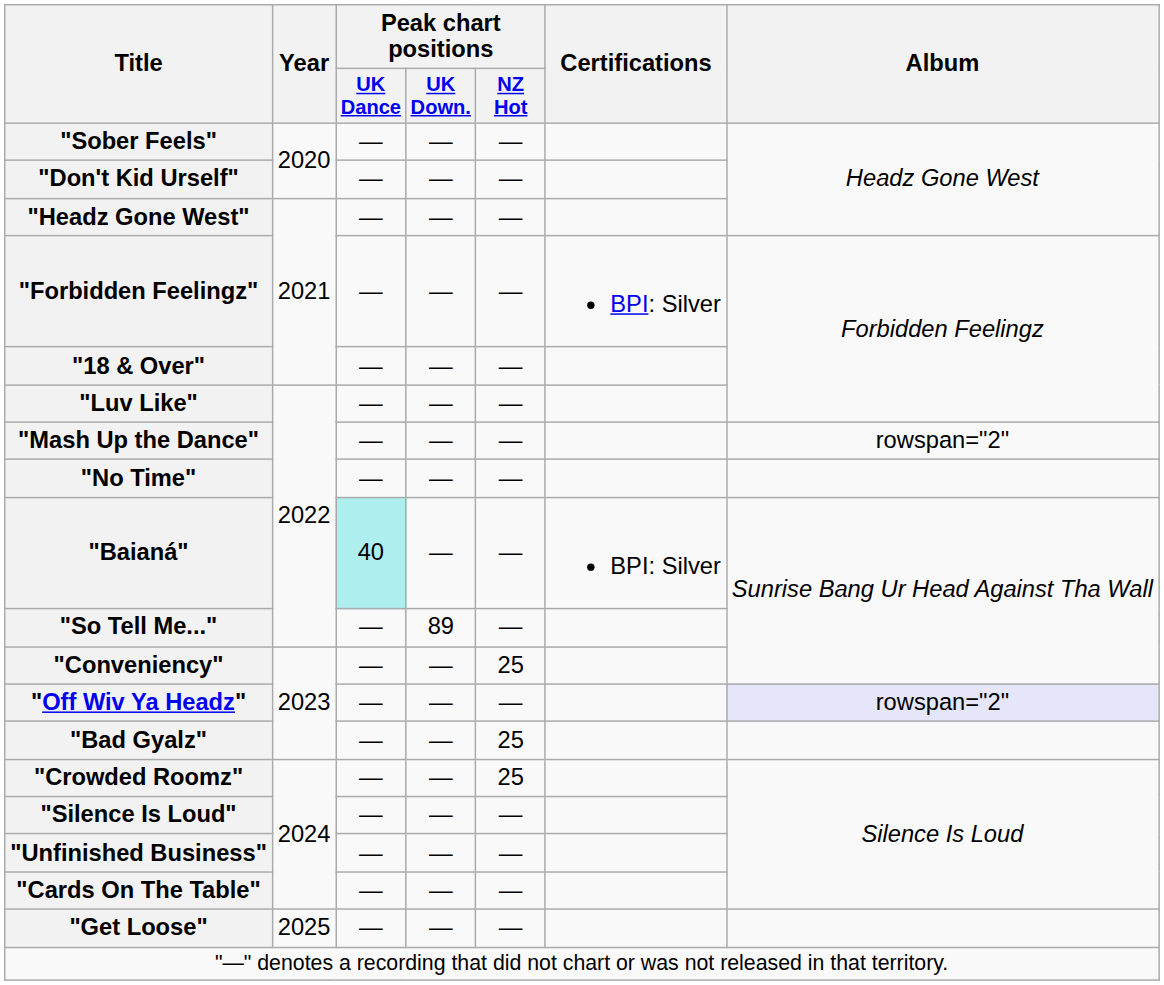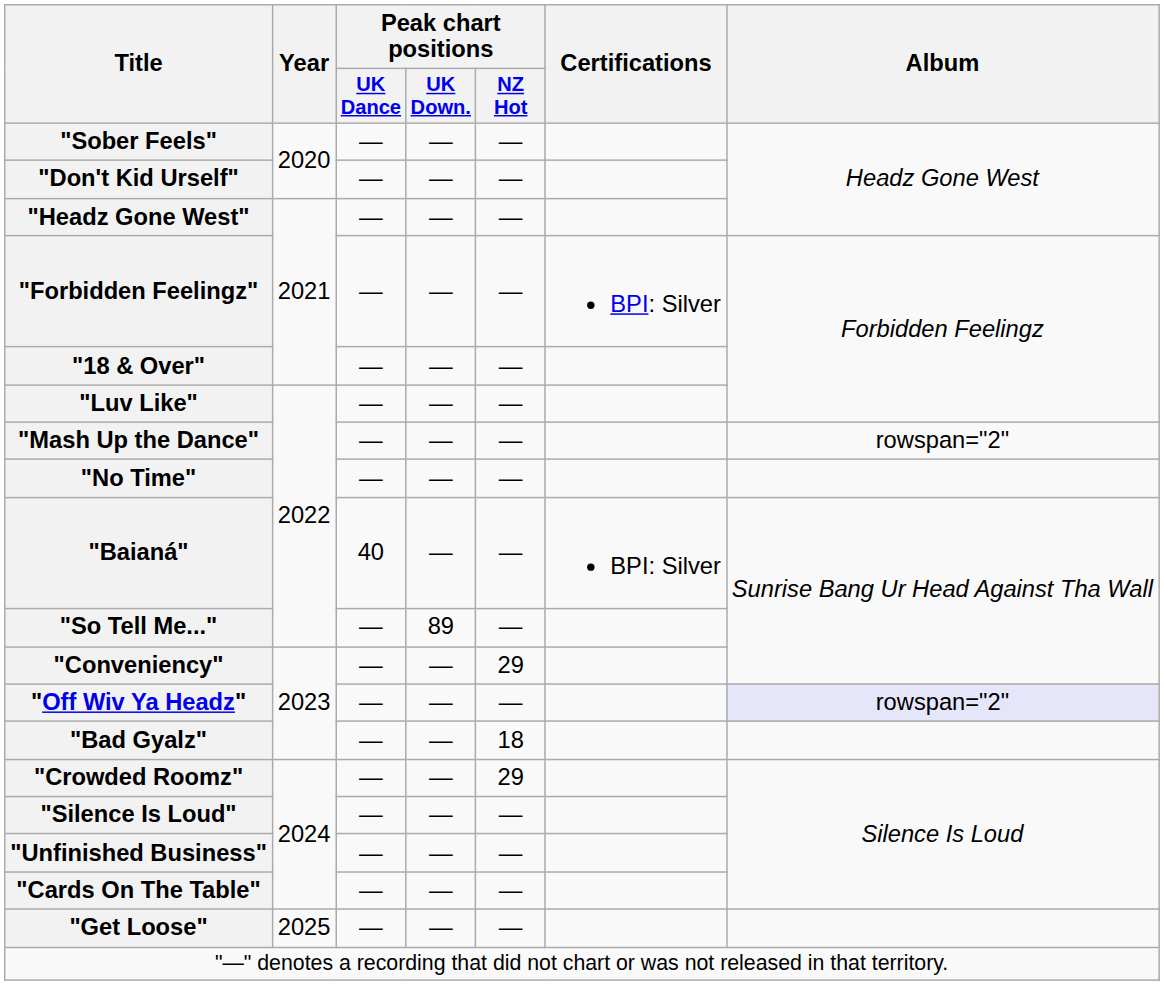 <table class="wikitable plainrowheaders" style="text-align:center;">
 <tr>
 <th scope="col" rowspan="2">Title</th>
 <th scope="col" rowspan="2">Year</th>
 <th scope="col" colspan="3">Peak chart positions</th>
 <th scope="col" rowspan="2">Certifications</th>
 <th scope="col" rowspan="2">Album</th>
 </tr>
 <tr>
 <th scope="col" style="width:3em;font-size:85%;"><a href='#'>UK<br>Dance</a><br></th>
 <th scope="col" style="width:3em;font-size:85%;"><a href='#'>UK<br>Down.</a><br></th>
 <th scope="col" style="width:3em;font-size:85%;"><a href='#'>NZ<br>Hot</a><br></th>
 </tr>
 <tr>
 <th scope="row">"Sober Feels"</th>
 <td rowspan="2">2020</td>
 <td>—</td>
 <td>—</td>
 <td>—</td>
 <td></td>
 <td rowspan="3"><em>Headz Gone West</em></td>
 </tr>
 <tr>
 <th scope="row">"Don't Kid Urself"</th>
 <td>—</td>
 <td>—</td>
 <td>—</td>
 <td></td>
 </tr>
 <tr>
 <th scope="row">"Headz Gone West"</th>
 <td rowspan="3">2021</td>
 <td>—</td>
 <td>—</td>
 <td>—</td>
 <td></td>
 </tr>
 <tr>
 <th scope="row">"Forbidden Feelingz"</th>
 <td>—</td>
 <td>—</td>
 <td>—</td>
 <td><br><ul><li><a href='#'>BPI</a>: Silver</li></ul></td>
 <td rowspan="3"><em>Forbidden Feelingz</em></td>
 </tr>
 <tr>
 <th scope="row">"18 & Over"</th>
 <td>—</td>
 <td>—</td>
 <td>—</td>
 <td></td>
 </tr>
 <tr>
 <th scope="row">"Luv Like"</th>
 <td rowspan="5">2022</td>
 <td>—</td>
 <td>—</td>
 <td>—</td>
 <td></td>
 </tr>
 <tr>
 <th scope="row">"Mash Up the Dance"<br></th>
 <td>—</td>
 <td>—</td>
 <td>—</td>
 <td></td>
 <td>rowspan="2" </td>
 </tr>
 <tr>
 <th scope="row">"No Time"<br></th>
 <td>—</td>
 <td>—</td>
 <td>—</td>
 <td></td>
 </tr>
 <tr>
 <th scope="row">"Baianá"</th>
-<td style="background: paleturquoise;">40</td>
+<td>40</td>
 <td>—</td>
 <td>—</td>
 <td><br><ul><li>BPI: Silver</li></ul></td>
 <td rowspan="3"><em>Sunrise Bang Ur Head Against Tha Wall</em></td>
 </tr>
 <tr>
 <th scope="row">"So Tell Me..."</th>
 <td>—</td>
 <td>89</td>
 <td>—</td>
 <td></td>
 </tr>
 <tr>
 <th scope="row">"Conveniency"</th>
 <td rowspan="3">2023</td>
 <td>—</td>
 <td>—</td>
-<td>25</td>
+<td>29</td>
 <td></td>
 </tr>
 <tr>
 <th scope="row">"<a href='#'>Off Wiv Ya Headz</a>"</th>
 <td>—</td>
 <td>—</td>
 <td>—</td>
 <td></td>
 <td style="background: lavender;">rowspan="2" </td>
 </tr>
 <tr>
 <th scope="row">"Bad Gyalz"</th>
 <td>—</td>
 <td>—</td>
-<td>25</td>
+<td>18</td>
 <td></td>
 </tr>
 <tr>
 <th scope="row">"Crowded Roomz"</th>
 <td rowspan="4">2024</td>
 <td>—</td>
 <td>—</td>
-<td>25</td>
+<td>29</td>
 <td></td>
 <td rowspan="4"><em>Silence Is Loud</em></td>
 </tr>
 <tr>
 <th scope="row">"Silence Is Loud"</th>
 <td>—</td>
 <td>—</td>
 <td>—</td>
 <td></td>
 </tr>
 <tr>
 <th scope="row">"Unfinished Business"</th>
 <td>—</td>
 <td>—</td>
 <td>—</td>
 <td></td>
 </tr>
 <tr>
 <th scope="row">"Cards On The Table"</th>
 <td>—</td>
 <td>—</td>
 <td>—</td>
 <td></td>
 </tr>
 <tr>
 <th scope="row">"Get Loose"<br></th>
 <td>2025</td>
 <td>—</td>
 <td>—</td>
 <td>—</td>
 <td></td>
 <td></td>
 </tr>
 <tr>
 <td colspan="7" style="font-size:90%">"—" denotes a recording that did not chart or was not released in that territory.</td>
 </tr>
 </table>
